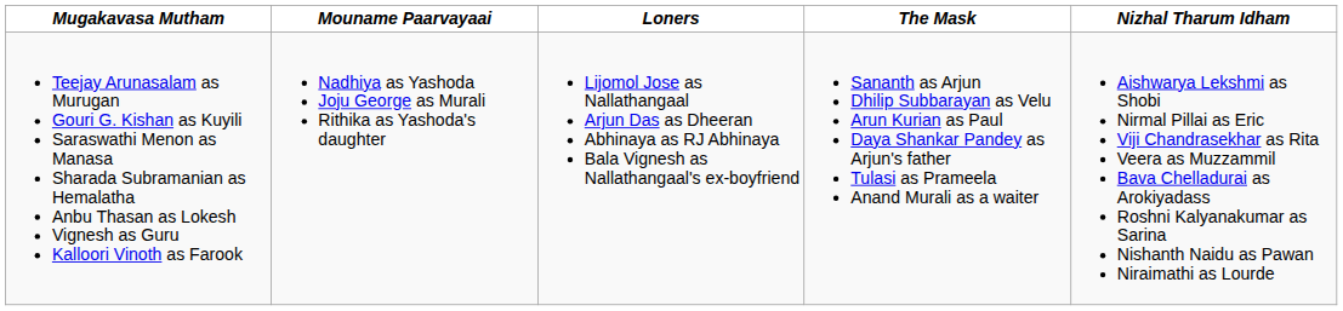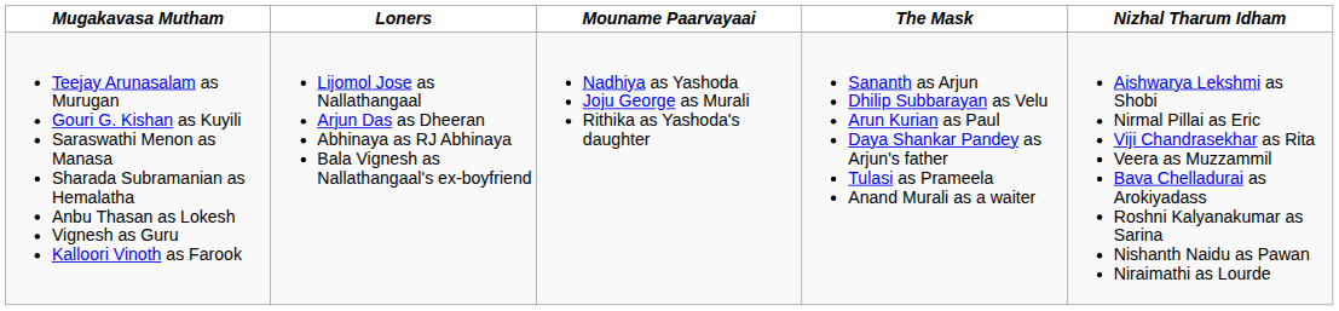 <table class=wikitable>
 <tr>
 <th style="background:#ffffff; width:20%"><em>Mugakavasa Mutham</em></th>
+<th style="background:#ffffff; width:20%"><em>Loners</em></th>
 <th style="background:#ffffff; width:20%"><em>Mouname Paarvayaai</em></th>
-<th style="background:#ffffff; width:20%"><em>Loners</em></th>
 <th style="background:#ffffff; width:20%"><em>The Mask</em></th>
 <th style="background:#ffffff; width:20%"><em>Nizhal Tharum Idham</em></th>
 </tr>
 <tr>
 <td valign="top"><br><ul><li><a href='#'>Teejay Arunasalam</a> as Murugan</li><li><a href='#'>Gouri G. Kishan</a> as Kuyili</li><li>Saraswathi Menon as Manasa</li><li>Sharada Subramanian as Hemalatha</li><li>Anbu Thasan as Lokesh</li><li>Vignesh as Guru</li><li><a href='#'>Kalloori Vinoth</a> as Farook</li></ul></td>
+<td valign="top"><br><ul><li><a href='#'>Lijomol Jose</a> as Nallathangaal</li><li><a href='#'>Arjun Das</a> as Dheeran</li><li>Abhinaya as RJ Abhinaya</li><li>Bala Vignesh as Nallathangaal's ex-boyfriend</li></ul></td>
 <td valign="top"><br><ul><li><a href='#'>Nadhiya</a> as Yashoda</li><li><a href='#'>Joju George</a> as Murali</li><li>Rithika as Yashoda's daughter</li></ul></td>
-<td valign="top"><br><ul><li><a href='#'>Lijomol Jose</a> as Nallathangaal</li><li><a href='#'>Arjun Das</a> as Dheeran</li><li>Abhinaya as RJ Abhinaya</li><li>Bala Vignesh as Nallathangaal's ex-boyfriend</li></ul></td>
 <td valign="top"><br><ul><li><a href='#'>Sananth</a> as Arjun</li><li><a href='#'>Dhilip Subbarayan</a> as Velu</li><li><a href='#'>Arun Kurian</a> as Paul</li><li><a href='#'>Daya Shankar Pandey</a> as Arjun's father</li><li><a href='#'>Tulasi</a> as Prameela</li><li>Anand Murali as a waiter</li></ul></td>
 <td valign="top"><br><ul><li><a href='#'>Aishwarya Lekshmi</a> as Shobi</li><li>Nirmal Pillai as Eric</li><li><a href='#'>Viji Chandrasekhar</a> as Rita</li><li>Veera as Muzzammil</li><li><a href='#'>Bava Chelladurai</a> as Arokiyadass</li><li>Roshni Kalyanakumar as Sarina</li><li>Nishanth Naidu as Pawan</li><li>Niraimathi as Lourde</li></ul></td>
 </tr>
 </table>
